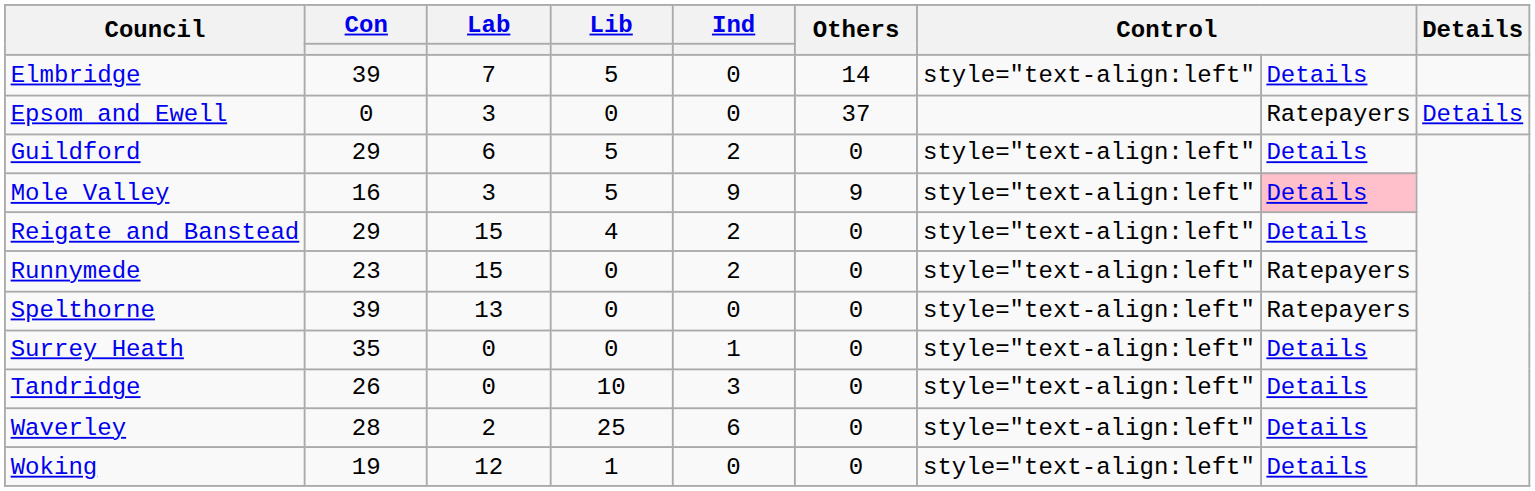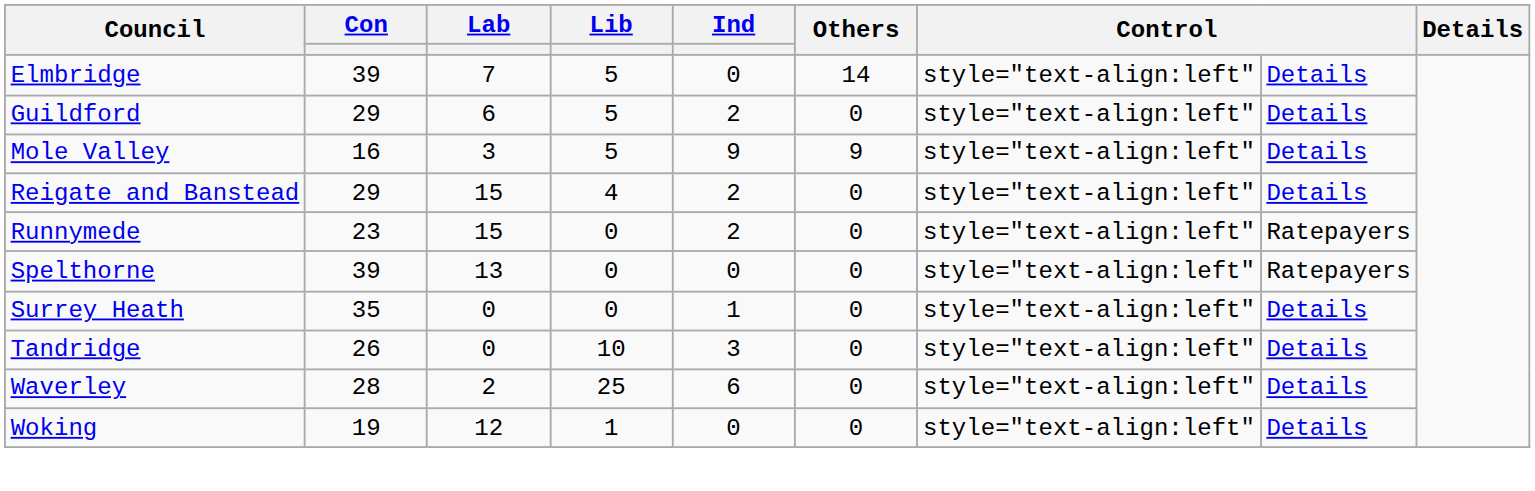 <table class="wikitable" style="text-align:center;">
 <tr>
 <th rowspan=2>Council</th>
 <th style="width:60px;"><a href='#'>Con</a></th>
 <th style="width:60px;"><a href='#'>Lab</a></th>
 <th style="width:60px;"><a href='#'>Lib</a></th>
 <th style="width:60px;"><a href='#'>Ind</a></th>
 <th style="width:60px;" rowspan=2>Others</th>
 <th rowspan=2 colspan=2>Control</th>
 <th rowspan=2>Details</th>
 </tr>
 <tr>
 <th style="background:"></th>
 <th style="background:"></th>
 <th style="background:"></th>
 <th style="background:"></th>
 </tr>
 <tr>
 <td style="text-align:left"><a href='#'>Elmbridge</a></td>
 <td>39</td>
 <td>7</td>
 <td>5</td>
 <td>0</td>
 <td>14</td>
 <td>style="text-align:left" </td>
 <td style="text-align:left"><a href='#'>Details</a></td>
 </tr>
 <tr>
-<td style="text-align:left"><a href='#'>Epsom and Ewell</a></td>
-<td>0</td>
-<td>3</td>
-<td>0</td>
-<td>0</td>
-<td>37</td>
-<td></td>
-<td style="text-align:left">Ratepayers</td>
-<td style="text-align:left"><a href='#'>Details</a></td>
-</tr>
-<tr>
 <td style="text-align:left"><a href='#'>Guildford</a></td>
 <td>29</td>
 <td>6</td>
 <td>5</td>
 <td>2</td>
 <td>0</td>
 <td>style="text-align:left" </td>
 <td style="text-align:left"><a href='#'>Details</a></td>
 </tr>
 <tr>
 <td style="text-align:left"><a href='#'>Mole Valley</a></td>
 <td>16</td>
 <td>3</td>
 <td>5</td>
 <td>9</td>
 <td>9</td>
 <td>style="text-align:left" </td>
-<td style="background: pink; text-align:left"><a href='#'>Details</a></td>
+<td style="text-align:left"><a href='#'>Details</a></td>
 </tr>
 <tr>
 <td style="text-align:left"><a href='#'>Reigate and Banstead</a></td>
 <td>29</td>
 <td>15</td>
 <td>4</td>
 <td>2</td>
 <td>0</td>
 <td>style="text-align:left" </td>
 <td style="text-align:left"><a href='#'>Details</a></td>
 </tr>
 <tr>
 <td style="text-align:left"><a href='#'>Runnymede</a></td>
 <td>23</td>
 <td>15</td>
 <td>0</td>
 <td>2</td>
 <td>0</td>
 <td>style="text-align:left" </td>
 <td style="text-align:left">Ratepayers</td>
 </tr>
 <tr>
 <td style="text-align:left"><a href='#'>Spelthorne</a></td>
 <td>39</td>
 <td>13</td>
 <td>0</td>
 <td>0</td>
 <td>0</td>
 <td>style="text-align:left" </td>
 <td style="text-align:left">Ratepayers</td>
 </tr>
 <tr>
 <td style="text-align:left"><a href='#'>Surrey Heath</a></td>
 <td>35</td>
 <td>0</td>
 <td>0</td>
 <td>1</td>
 <td>0</td>
 <td>style="text-align:left" </td>
 <td style="text-align:left"><a href='#'>Details</a></td>
 </tr>
 <tr>
 <td style="text-align:left"><a href='#'>Tandridge</a></td>
 <td>26</td>
 <td>0</td>
 <td>10</td>
 <td>3</td>
 <td>0</td>
 <td>style="text-align:left" </td>
 <td style="text-align:left"><a href='#'>Details</a></td>
 </tr>
 <tr>
 <td style="text-align:left"><a href='#'>Waverley</a></td>
 <td>28</td>
 <td>2</td>
 <td>25</td>
 <td>6</td>
 <td>0</td>
 <td>style="text-align:left" </td>
 <td style="text-align:left"><a href='#'>Details</a></td>
 </tr>
 <tr>
 <td style="text-align:left"><a href='#'>Woking</a></td>
 <td>19</td>
 <td>12</td>
 <td>1</td>
 <td>0</td>
 <td>0</td>
 <td>style="text-align:left" </td>
 <td style="text-align:left"><a href='#'>Details</a></td>
 </tr>
 </table>
